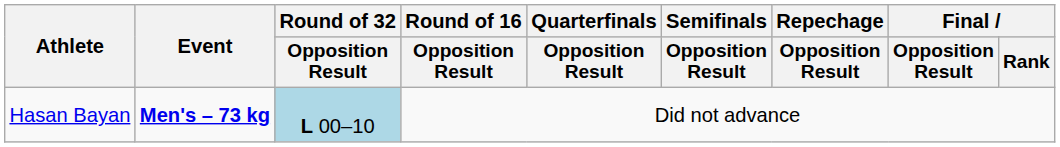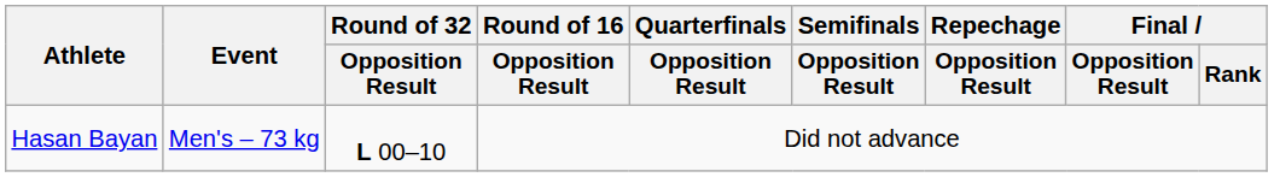 <table class="wikitable" style="font-size:90%">
 <tr>
 <th rowspan="2">Athlete</th>
 <th rowspan="2">Event</th>
 <th>Round of 32</th>
 <th>Round of 16</th>
 <th>Quarterfinals</th>
 <th>Semifinals</th>
 <th>Repechage</th>
 <th colspan=2>Final / </th>
 </tr>
 <tr style="font-size:95%">
 <th>Opposition<br>Result</th>
 <th>Opposition<br>Result</th>
 <th>Opposition<br>Result</th>
 <th>Opposition<br>Result</th>
 <th>Opposition<br>Result</th>
 <th>Opposition<br>Result</th>
 <th>Rank</th>
 </tr>
 <tr align=center>
 <td align=left><a href='#'>Hasan Bayan</a></td>
-<td align=left><strong><a href='#'>Men's – 73 kg</a></strong></td>
-<td style="background: lightblue;"><br><strong>L</strong> 00–10</td>
+<td align=left><a href='#'>Men's – 73 kg</a></td>
+<td><br><strong>L</strong> 00–10</td>
 <td colspan="6">Did not advance</td>
 </tr>
 </table>
